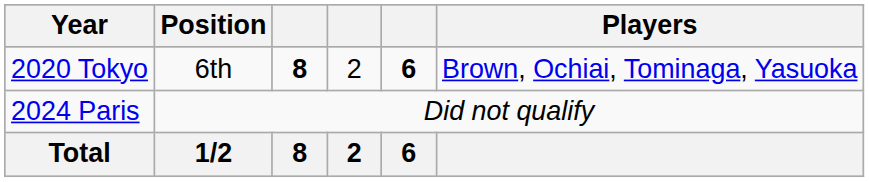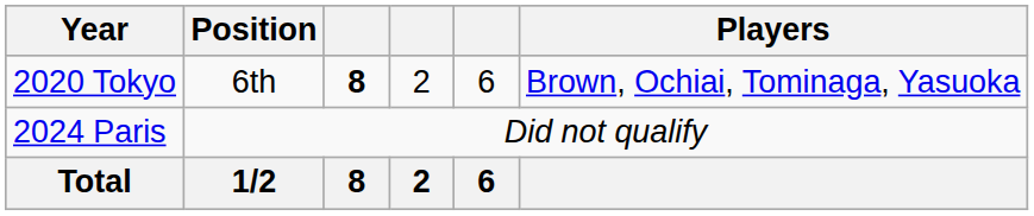 <table class="wikitable" style="text-align: center;">
 <tr>
 <th>Year</th>
 <th>Position</th>
 <th width=25px></th>
 <th width=25px></th>
 <th width=25px></th>
 <th>Players</th>
 </tr>
 <tr>
 <td style="text-align: left;"> <a href='#'>2020 Tokyo</a></td>
 <td>6th</td>
 <td><strong>8</strong></td>
 <td>2</td>
-<td><strong>6</strong></td>
+<td>6</td>
 <td><a href='#'>Brown</a>, <a href='#'>Ochiai</a>, <a href='#'>Tominaga</a>, <a href='#'>Yasuoka</a></td>
 </tr>
 <tr>
 <td style="text-align: left;"> <a href='#'>2024 Paris</a></td>
 <td colspan=5><em>Did not qualify</em></td>
 </tr>
 <tr>
 <th>Total</th>
 <th>1/2</th>
 <th>8</th>
 <th>2</th>
 <th>6</th>
 <th></th>
 </tr>
 </table>
